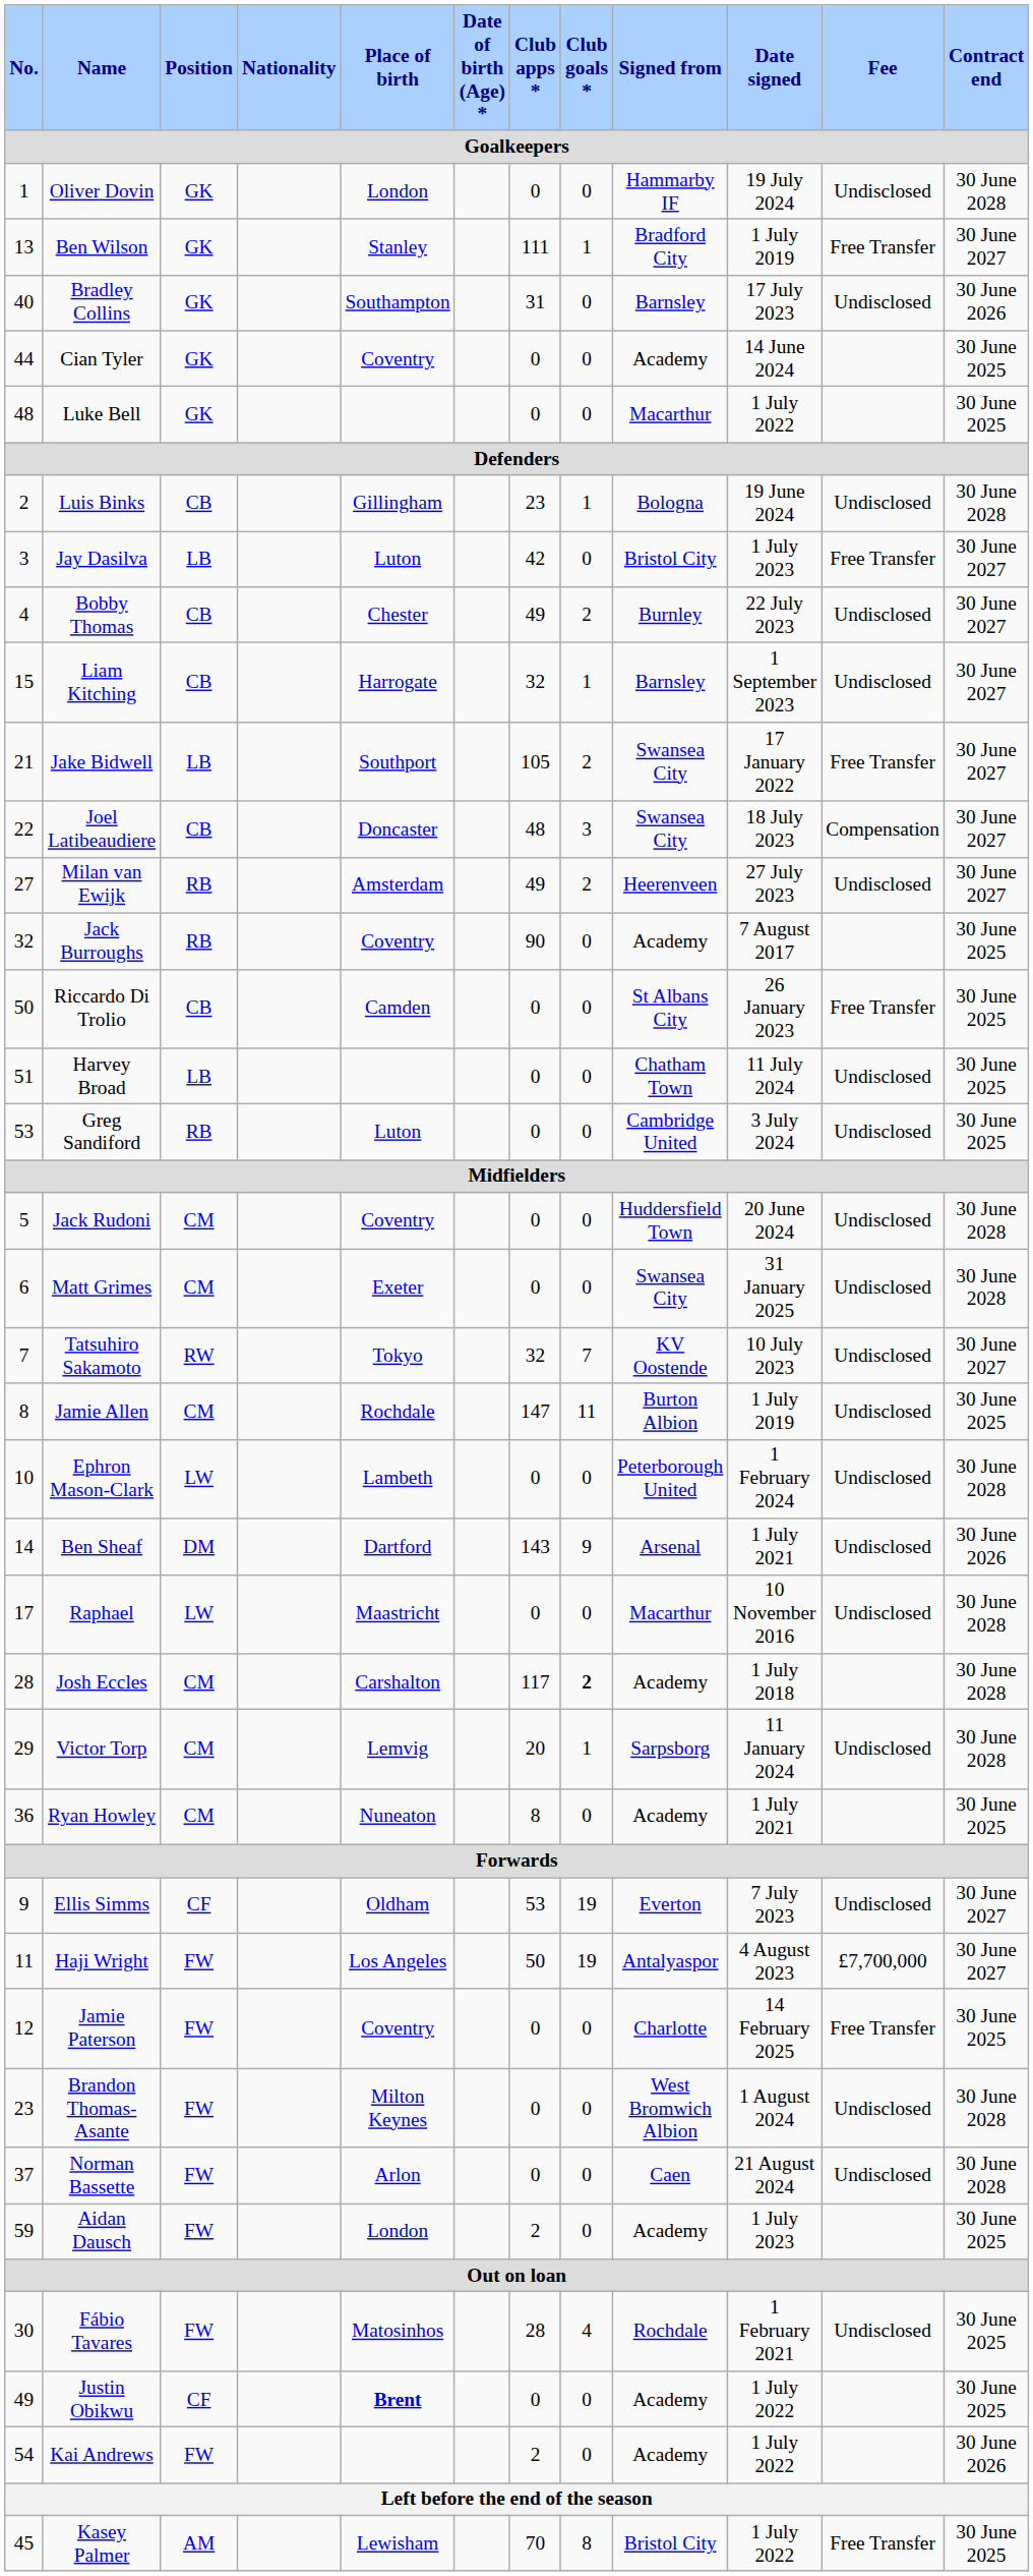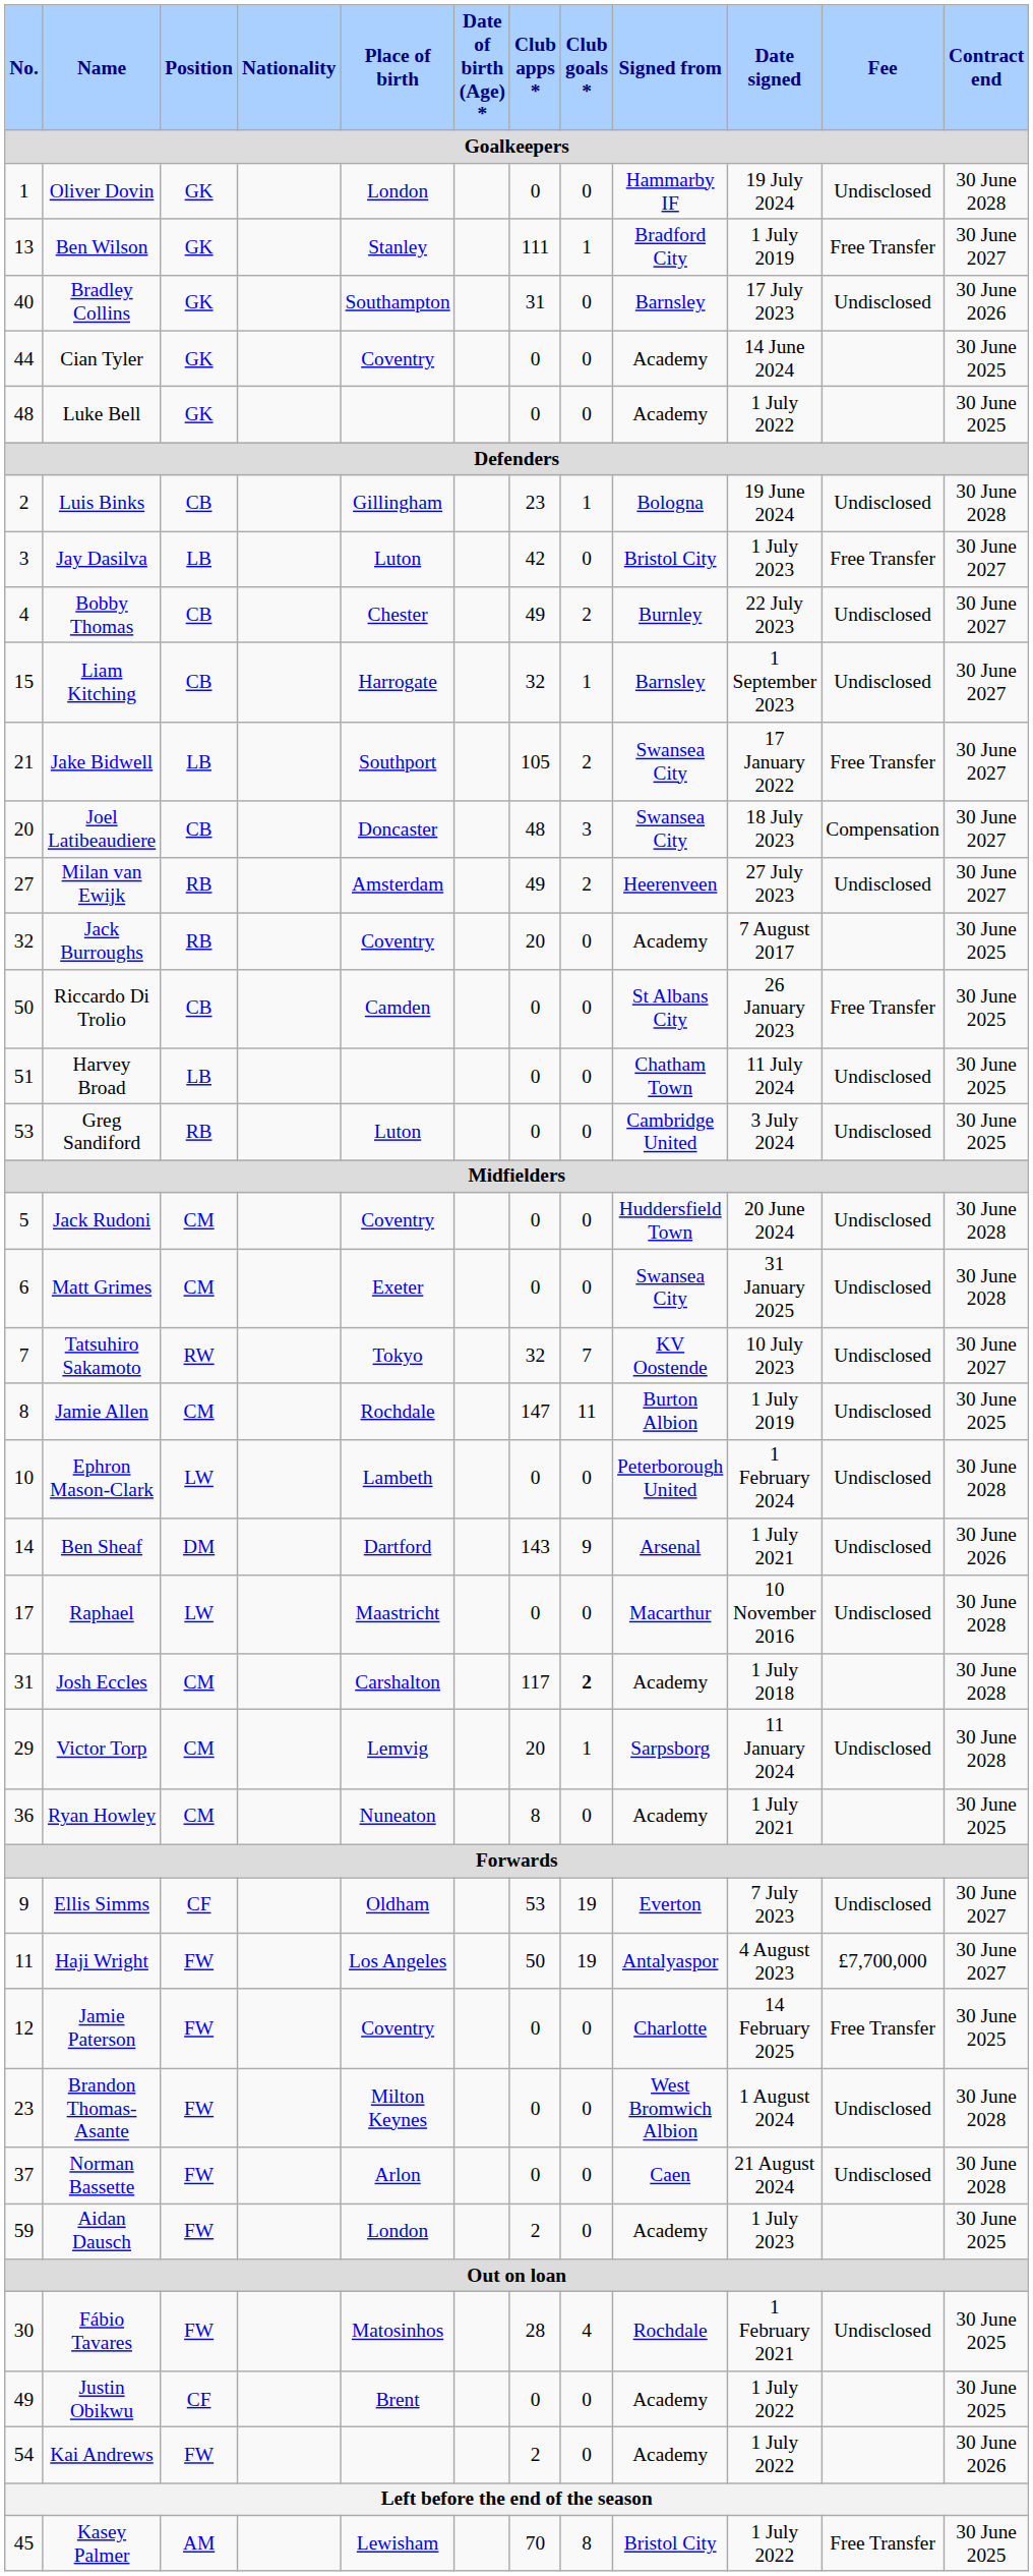 <table class="wikitable" style="text-align:center; font-size:84.5%; width:100%;">
 <tr>
 <th style="background:#AAD0FF; color:#000080; ">No.</th>
 <th style="background:#AAD0FF; color:#000080; ">Name</th>
 <th style="background:#AAD0FF; color:#000080; ">Position</th>
 <th style="background:#AAD0FF; color:#000080; ">Nationality</th>
 <th style="background:#AAD0FF; color:#000080; ">Place of birth</th>
 <th style="background:#AAD0FF; color:#000080; ">Date of birth (Age) *</th>
 <th style="background:#AAD0FF; color:#000080; ">Club apps *</th>
 <th style="background:#AAD0FF; color:#000080; ">Club goals *</th>
 <th style="background:#AAD0FF; color:#000080; ">Signed from</th>
 <th style="background:#AAD0FF; color:#000080; ">Date signed</th>
 <th style="background:#AAD0FF; color:#000080; ">Fee</th>
 <th style="background:#AAD0FF; color:#000080; ">Contract end</th>
 </tr>
 <tr>
 <th colspan="14" style="background:#dcdcdc; tepxt-align:center;">Goalkeepers</th>
 </tr>
 <tr>
 <td>1</td>
 <td><a href='#'>Oliver Dovin</a></td>
 <td><a href='#'>GK</a></td>
 <td></td>
 <td><a href='#'>London</a></td>
 <td></td>
 <td>0</td>
 <td>0</td>
 <td><a href='#'>Hammarby IF</a></td>
 <td>19 July 2024</td>
 <td>Undisclosed</td>
 <td>30 June 2028</td>
 </tr>
 <tr>
 <td>13</td>
 <td><a href='#'>Ben Wilson</a></td>
 <td><a href='#'>GK</a></td>
 <td></td>
 <td><a href='#'>Stanley</a></td>
 <td></td>
 <td>111</td>
 <td>1</td>
 <td><a href='#'>Bradford City</a></td>
 <td>1 July 2019</td>
 <td>Free Transfer</td>
 <td>30 June 2027</td>
 </tr>
 <tr>
 <td>40</td>
 <td><a href='#'>Bradley Collins</a></td>
 <td><a href='#'>GK</a></td>
 <td></td>
 <td><a href='#'>Southampton</a></td>
 <td></td>
 <td>31</td>
 <td>0</td>
 <td><a href='#'>Barnsley</a></td>
 <td>17 July 2023</td>
 <td>Undisclosed</td>
 <td>30 June 2026</td>
 </tr>
 <tr>
 <td>44</td>
 <td>Cian Tyler</td>
 <td><a href='#'>GK</a></td>
 <td></td>
 <td><a href='#'>Coventry</a></td>
 <td></td>
 <td>0</td>
 <td>0</td>
 <td>Academy</td>
 <td>14 June 2024</td>
 <td></td>
 <td>30 June 2025</td>
 </tr>
 <tr>
 <td>48</td>
 <td>Luke Bell</td>
 <td><a href='#'>GK</a></td>
 <td></td>
 <td></td>
 <td></td>
 <td>0</td>
 <td>0</td>
-<td><a href='#'>Macarthur</a></td>
+<td>Academy</td>
 <td>1 July 2022</td>
 <td></td>
 <td>30 June 2025</td>
 </tr>
 <tr>
 <th colspan="14" style="background:#dcdcdc; tepxt-align:center;">Defenders</th>
 </tr>
 <tr>
 <td>2</td>
 <td><a href='#'>Luis Binks</a></td>
 <td><a href='#'>CB</a></td>
 <td></td>
 <td><a href='#'>Gillingham</a></td>
 <td></td>
 <td>23</td>
 <td>1</td>
 <td><a href='#'>Bologna</a></td>
 <td>19 June 2024</td>
 <td>Undisclosed</td>
 <td>30 June 2028</td>
 </tr>
 <tr>
 <td>3</td>
 <td><a href='#'>Jay Dasilva</a></td>
 <td><a href='#'>LB</a></td>
 <td></td>
 <td><a href='#'>Luton</a></td>
 <td></td>
 <td>42</td>
 <td>0</td>
 <td><a href='#'>Bristol City</a></td>
 <td>1 July 2023</td>
 <td>Free Transfer</td>
 <td>30 June 2027</td>
 </tr>
 <tr>
 <td>4</td>
 <td><a href='#'>Bobby Thomas</a></td>
 <td><a href='#'>CB</a></td>
 <td></td>
 <td><a href='#'>Chester</a></td>
 <td></td>
 <td>49</td>
 <td>2</td>
 <td><a href='#'>Burnley</a></td>
 <td>22 July 2023</td>
 <td>Undisclosed</td>
 <td>30 June 2027</td>
 </tr>
 <tr>
 <td>15</td>
 <td><a href='#'>Liam Kitching</a></td>
 <td><a href='#'>CB</a></td>
 <td></td>
 <td><a href='#'>Harrogate</a></td>
 <td></td>
 <td>32</td>
 <td>1</td>
 <td><a href='#'>Barnsley</a></td>
 <td>1 September 2023</td>
 <td>Undisclosed</td>
 <td>30 June 2027</td>
 </tr>
 <tr>
 <td>21</td>
 <td><a href='#'>Jake Bidwell</a></td>
 <td><a href='#'>LB</a></td>
 <td></td>
 <td><a href='#'>Southport</a></td>
 <td></td>
 <td>105</td>
 <td>2</td>
 <td><a href='#'>Swansea City</a></td>
 <td>17 January 2022</td>
 <td>Free Transfer</td>
 <td>30 June 2027</td>
 </tr>
 <tr>
-<td>22</td>
+<td>20</td>
 <td><a href='#'>Joel Latibeaudiere</a></td>
 <td><a href='#'>CB</a></td>
 <td></td>
 <td><a href='#'>Doncaster</a></td>
 <td></td>
 <td>48</td>
 <td>3</td>
 <td><a href='#'>Swansea City</a></td>
 <td>18 July 2023</td>
 <td>Compensation</td>
 <td>30 June 2027</td>
 </tr>
 <tr>
 <td>27</td>
 <td><a href='#'>Milan van Ewijk</a></td>
 <td><a href='#'>RB</a></td>
 <td></td>
 <td><a href='#'>Amsterdam</a></td>
 <td></td>
 <td>49</td>
 <td>2</td>
 <td><a href='#'>Heerenveen</a></td>
 <td>27 July 2023</td>
 <td>Undisclosed</td>
 <td>30 June 2027</td>
 </tr>
 <tr>
 <td>32</td>
 <td><a href='#'>Jack Burroughs</a></td>
 <td><a href='#'>RB</a></td>
 <td></td>
 <td><a href='#'>Coventry</a></td>
 <td></td>
-<td>90</td>
+<td>20</td>
 <td>0</td>
 <td>Academy</td>
 <td>7 August 2017</td>
 <td></td>
 <td>30 June 2025</td>
 </tr>
 <tr>
 <td>50</td>
 <td>Riccardo Di Trolio</td>
 <td><a href='#'>CB</a></td>
 <td></td>
 <td><a href='#'>Camden</a></td>
 <td></td>
 <td>0</td>
 <td>0</td>
 <td><a href='#'>St Albans City</a></td>
 <td>26 January 2023</td>
 <td>Free Transfer</td>
 <td>30 June 2025</td>
 </tr>
 <tr>
 <td>51</td>
 <td>Harvey Broad</td>
 <td><a href='#'>LB</a></td>
 <td></td>
 <td></td>
 <td></td>
 <td>0</td>
 <td>0</td>
 <td><a href='#'>Chatham Town</a></td>
 <td>11 July 2024</td>
 <td>Undisclosed</td>
 <td>30 June 2025</td>
 </tr>
 <tr>
 <td>53</td>
 <td>Greg Sandiford</td>
 <td><a href='#'>RB</a></td>
 <td></td>
 <td><a href='#'>Luton</a></td>
 <td></td>
 <td>0</td>
 <td>0</td>
 <td><a href='#'>Cambridge United</a></td>
 <td>3 July 2024</td>
 <td>Undisclosed</td>
 <td>30 June 2025</td>
 </tr>
 <tr>
 <th colspan="14" style="background:#dcdcdc; tepxt-align:center;">Midfielders</th>
 </tr>
 <tr>
 <td>5</td>
 <td><a href='#'>Jack Rudoni</a></td>
 <td><a href='#'>CM</a></td>
 <td></td>
 <td><a href='#'>Coventry</a></td>
 <td></td>
 <td>0</td>
 <td>0</td>
 <td><a href='#'>Huddersfield Town</a></td>
 <td>20 June 2024</td>
 <td>Undisclosed</td>
 <td>30 June 2028</td>
 </tr>
 <tr>
 <td>6</td>
 <td><a href='#'>Matt Grimes</a></td>
 <td><a href='#'>CM</a></td>
 <td></td>
 <td><a href='#'>Exeter</a></td>
 <td></td>
 <td>0</td>
 <td>0</td>
 <td><a href='#'>Swansea City</a></td>
 <td>31 January 2025</td>
 <td>Undisclosed</td>
 <td>30 June 2028</td>
 </tr>
 <tr>
 <td>7</td>
 <td><a href='#'>Tatsuhiro Sakamoto</a></td>
 <td><a href='#'>RW</a></td>
 <td></td>
 <td><a href='#'>Tokyo</a></td>
 <td></td>
 <td>32</td>
 <td>7</td>
 <td><a href='#'>KV Oostende</a></td>
 <td>10 July 2023</td>
 <td>Undisclosed</td>
 <td>30 June 2027</td>
 </tr>
 <tr>
 <td>8</td>
 <td><a href='#'>Jamie Allen</a></td>
 <td><a href='#'>CM</a></td>
 <td></td>
 <td><a href='#'>Rochdale</a></td>
 <td></td>
 <td>147</td>
 <td>11</td>
 <td><a href='#'>Burton Albion</a></td>
 <td>1 July 2019</td>
 <td>Undisclosed</td>
 <td>30 June 2025</td>
 </tr>
 <tr>
 <td>10</td>
 <td><a href='#'>Ephron Mason-Clark</a></td>
 <td><a href='#'>LW</a></td>
 <td></td>
 <td><a href='#'>Lambeth</a></td>
 <td></td>
 <td>0</td>
 <td>0</td>
 <td><a href='#'>Peterborough United</a></td>
 <td>1 February 2024</td>
 <td>Undisclosed</td>
 <td>30 June 2028</td>
 </tr>
 <tr>
 <td>14</td>
 <td><a href='#'>Ben Sheaf</a></td>
 <td><a href='#'>DM</a></td>
 <td></td>
 <td><a href='#'>Dartford</a></td>
 <td></td>
 <td>143</td>
 <td>9</td>
 <td><a href='#'>Arsenal</a></td>
 <td>1 July 2021</td>
 <td>Undisclosed</td>
 <td>30 June 2026</td>
 </tr>
 <tr>
 <td>17</td>
 <td><a href='#'>Raphael</a></td>
 <td><a href='#'>LW</a></td>
 <td> </td>
 <td><a href='#'>Maastricht</a></td>
 <td></td>
 <td>0</td>
 <td>0</td>
 <td><a href='#'>Macarthur</a></td>
 <td>10 November 2016</td>
 <td>Undisclosed</td>
 <td>30 June 2028</td>
 </tr>
 <tr>
-<td>28</td>
+<td>31</td>
 <td><a href='#'>Josh Eccles</a></td>
 <td><a href='#'>CM</a></td>
 <td></td>
 <td><a href='#'>Carshalton</a></td>
 <td></td>
 <td>117</td>
 <td><strong>2</strong></td>
 <td>Academy</td>
 <td>1 July 2018</td>
 <td></td>
 <td>30 June 2028</td>
 </tr>
 <tr>
 <td>29</td>
 <td><a href='#'>Victor Torp</a></td>
 <td><a href='#'>CM</a></td>
 <td></td>
 <td><a href='#'>Lemvig</a></td>
 <td></td>
 <td>20</td>
 <td>1</td>
 <td><a href='#'>Sarpsborg</a></td>
 <td>11 January 2024</td>
 <td>Undisclosed</td>
 <td>30 June 2028</td>
 </tr>
 <tr>
 <td>36</td>
 <td><a href='#'>Ryan Howley</a></td>
 <td><a href='#'>CM</a></td>
 <td></td>
 <td><a href='#'>Nuneaton</a></td>
 <td></td>
 <td>8</td>
 <td>0</td>
 <td>Academy</td>
 <td>1 July 2021</td>
 <td></td>
 <td>30 June 2025</td>
 </tr>
 <tr>
 <th colspan="14" style="background:#dcdcdc; tepxt-align:center;">Forwards</th>
 </tr>
 <tr>
 <td>9</td>
 <td><a href='#'>Ellis Simms</a></td>
 <td><a href='#'>CF</a></td>
 <td></td>
 <td><a href='#'>Oldham</a></td>
 <td></td>
 <td>53</td>
 <td>19</td>
 <td><a href='#'>Everton</a></td>
 <td>7 July 2023</td>
 <td>Undisclosed</td>
 <td>30 June 2027</td>
 </tr>
 <tr>
 <td>11</td>
 <td><a href='#'>Haji Wright</a></td>
 <td><a href='#'>FW</a></td>
 <td></td>
 <td><a href='#'>Los Angeles</a></td>
 <td></td>
 <td>50</td>
 <td>19</td>
 <td><a href='#'>Antalyaspor</a></td>
 <td>4 August 2023</td>
 <td>£7,700,000</td>
 <td>30 June 2027</td>
 </tr>
 <tr>
 <td>12</td>
 <td><a href='#'>Jamie Paterson</a></td>
 <td><a href='#'>FW</a></td>
 <td></td>
 <td><a href='#'>Coventry</a></td>
 <td></td>
 <td>0</td>
 <td>0</td>
 <td><a href='#'>Charlotte</a></td>
 <td>14 February 2025</td>
 <td>Free Transfer</td>
 <td>30 June 2025</td>
 </tr>
 <tr>
 <td>23</td>
 <td><a href='#'>Brandon Thomas-Asante</a></td>
 <td><a href='#'>FW</a></td>
 <td> </td>
 <td><a href='#'>Milton Keynes</a></td>
 <td></td>
 <td>0</td>
 <td>0</td>
 <td><a href='#'>West Bromwich Albion</a></td>
 <td>1 August 2024</td>
 <td>Undisclosed</td>
 <td>30 June 2028</td>
 </tr>
 <tr>
 <td>37</td>
 <td><a href='#'>Norman Bassette</a></td>
 <td><a href='#'>FW</a></td>
 <td></td>
 <td><a href='#'>Arlon</a></td>
 <td></td>
 <td>0</td>
 <td>0</td>
 <td><a href='#'>Caen</a></td>
 <td>21 August 2024</td>
 <td>Undisclosed</td>
 <td>30 June 2028</td>
 </tr>
 <tr>
 <td>59</td>
 <td><a href='#'>Aidan Dausch</a></td>
 <td><a href='#'>FW</a></td>
 <td></td>
 <td><a href='#'>London</a></td>
 <td></td>
 <td>2</td>
 <td>0</td>
 <td>Academy</td>
 <td>1 July 2023</td>
 <td></td>
 <td>30 June 2025</td>
 </tr>
 <tr>
 <th colspan="14" style="background:#dcdcdc; tepxt-align:center;">Out on loan</th>
 </tr>
 <tr>
 <td>30</td>
 <td><a href='#'>Fábio Tavares</a></td>
 <td><a href='#'>FW</a></td>
 <td></td>
 <td><a href='#'>Matosinhos</a></td>
 <td></td>
 <td>28</td>
 <td>4</td>
 <td><a href='#'>Rochdale</a></td>
 <td>1 February 2021</td>
 <td>Undisclosed</td>
 <td>30 June 2025</td>
 </tr>
 <tr>
 <td>49</td>
 <td><a href='#'>Justin Obikwu</a></td>
 <td><a href='#'>CF</a></td>
 <td> </td>
-<td><strong><a href='#'>Brent</a></strong></td>
+<td><a href='#'>Brent</a></td>
 <td></td>
 <td>0</td>
 <td>0</td>
 <td>Academy</td>
 <td>1 July 2022</td>
 <td></td>
 <td>30 June 2025</td>
 </tr>
 <tr>
 <td>54</td>
 <td><a href='#'>Kai Andrews</a></td>
 <td><a href='#'>FW</a></td>
 <td></td>
 <td></td>
 <td></td>
 <td>2</td>
 <td>0</td>
 <td>Academy</td>
 <td>1 July 2022</td>
 <td></td>
 <td>30 June 2026</td>
 </tr>
 <tr>
 <th colspan="14" ="background:#dcdcdc; text-align:center;">Left before the end of the season</th>
 </tr>
 <tr>
 <td>45</td>
 <td><a href='#'>Kasey Palmer</a></td>
 <td><a href='#'>AM</a></td>
 <td></td>
 <td><a href='#'>Lewisham</a></td>
 <td></td>
 <td>70</td>
 <td>8</td>
 <td><a href='#'>Bristol City</a></td>
 <td>1 July 2022</td>
 <td>Free Transfer</td>
 <td>30 June 2025</td>
 </tr>
 </table>
